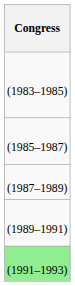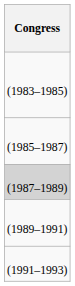 <table class="wikitable" style="float:left; margin:0; margin-right:-0.5px; margin-top:14px; text-align:center;">
 <tr style="white-space:nowrap; height:4.04em;">
 <th>Congress</th>
 </tr>
 <tr style="white-space:nowrap; height:5.64em;">
 <td><strong></strong><br>(1983–1985)</td>
 </tr>
 <tr style="white-space:nowrap; height:4em">
 <td><strong></strong><br>(1985–1987)</td>
 </tr>
 <tr style="white-space:nowrap; height:3em">
-<td><strong></strong><br>(1987–1989)</td>
+<td style="background: lightgrey;"><strong></strong><br>(1987–1989)</td>
 </tr>
 <tr style="white-space:nowrap; height:4em">
 <td><strong></strong><br>(1989–1991)</td>
 </tr>
 <tr style="white-space:nowrap; height:3em">
-<td style="background: lightgreen;"><strong></strong><br>(1991–1993)</td>
+<td><strong></strong><br>(1991–1993)</td>
 </tr>
 </table>
